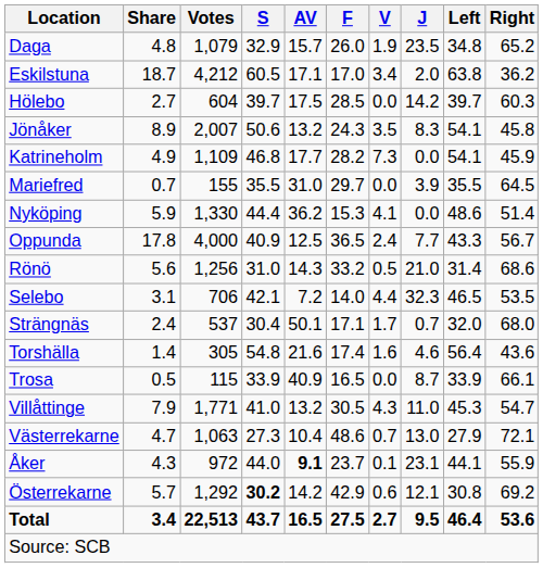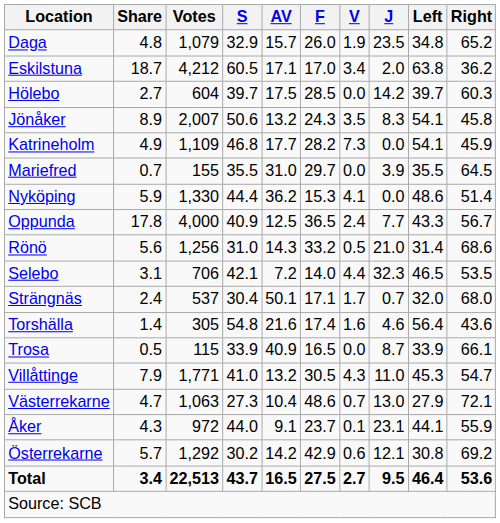 <table class="wikitable sortable" style=text-align:right>
 <tr>
 <th>Location</th>
 <th>Share</th>
 <th>Votes</th>
 <th><a href='#'>S</a></th>
 <th><a href='#'>AV</a></th>
 <th><a href='#'>F</a></th>
 <th><a href='#'>V</a></th>
 <th><a href='#'>J</a></th>
 <th>Left</th>
 <th>Right</th>
 </tr>
 <tr>
 <td align=left><a href='#'>Daga</a></td>
 <td>4.8</td>
 <td>1,079</td>
 <td>32.9</td>
 <td>15.7</td>
 <td>26.0</td>
 <td>1.9</td>
 <td>23.5</td>
 <td>34.8</td>
 <td>65.2</td>
 </tr>
 <tr>
 <td align=left><a href='#'>Eskilstuna</a></td>
 <td>18.7</td>
 <td>4,212</td>
 <td>60.5</td>
 <td>17.1</td>
 <td>17.0</td>
 <td>3.4</td>
 <td>2.0</td>
 <td>63.8</td>
 <td>36.2</td>
 </tr>
 <tr>
 <td align=left><a href='#'>Hölebo</a></td>
 <td>2.7</td>
 <td>604</td>
 <td>39.7</td>
 <td>17.5</td>
 <td>28.5</td>
 <td>0.0</td>
 <td>14.2</td>
 <td>39.7</td>
 <td>60.3</td>
 </tr>
 <tr>
 <td align=left><a href='#'>Jönåker</a></td>
 <td>8.9</td>
 <td>2,007</td>
 <td>50.6</td>
 <td>13.2</td>
 <td>24.3</td>
 <td>3.5</td>
 <td>8.3</td>
 <td>54.1</td>
 <td>45.8</td>
 </tr>
 <tr>
 <td align=left><a href='#'>Katrineholm</a></td>
 <td>4.9</td>
 <td>1,109</td>
 <td>46.8</td>
 <td>17.7</td>
 <td>28.2</td>
 <td>7.3</td>
 <td>0.0</td>
 <td>54.1</td>
 <td>45.9</td>
 </tr>
 <tr>
 <td align=left><a href='#'>Mariefred</a></td>
 <td>0.7</td>
 <td>155</td>
 <td>35.5</td>
 <td>31.0</td>
 <td>29.7</td>
 <td>0.0</td>
 <td>3.9</td>
 <td>35.5</td>
 <td>64.5</td>
 </tr>
 <tr>
 <td align=left><a href='#'>Nyköping</a></td>
 <td>5.9</td>
 <td>1,330</td>
 <td>44.4</td>
 <td>36.2</td>
 <td>15.3</td>
 <td>4.1</td>
 <td>0.0</td>
 <td>48.6</td>
 <td>51.4</td>
 </tr>
 <tr>
 <td align=left><a href='#'>Oppunda</a></td>
 <td>17.8</td>
 <td>4,000</td>
 <td>40.9</td>
 <td>12.5</td>
 <td>36.5</td>
 <td>2.4</td>
 <td>7.7</td>
 <td>43.3</td>
 <td>56.7</td>
 </tr>
 <tr>
 <td align=left><a href='#'>Rönö</a></td>
 <td>5.6</td>
 <td>1,256</td>
 <td>31.0</td>
 <td>14.3</td>
 <td>33.2</td>
 <td>0.5</td>
 <td>21.0</td>
 <td>31.4</td>
 <td>68.6</td>
 </tr>
 <tr>
 <td align=left><a href='#'>Selebo</a></td>
 <td>3.1</td>
 <td>706</td>
 <td>42.1</td>
 <td>7.2</td>
 <td>14.0</td>
 <td>4.4</td>
 <td>32.3</td>
 <td>46.5</td>
 <td>53.5</td>
 </tr>
 <tr>
 <td align=left><a href='#'>Strängnäs</a></td>
 <td>2.4</td>
 <td>537</td>
 <td>30.4</td>
 <td>50.1</td>
 <td>17.1</td>
 <td>1.7</td>
 <td>0.7</td>
 <td>32.0</td>
 <td>68.0</td>
 </tr>
 <tr>
 <td align=left><a href='#'>Torshälla</a></td>
 <td>1.4</td>
 <td>305</td>
 <td>54.8</td>
 <td>21.6</td>
 <td>17.4</td>
 <td>1.6</td>
 <td>4.6</td>
 <td>56.4</td>
 <td>43.6</td>
 </tr>
 <tr>
 <td align=left><a href='#'>Trosa</a></td>
 <td>0.5</td>
 <td>115</td>
 <td>33.9</td>
 <td>40.9</td>
 <td>16.5</td>
 <td>0.0</td>
 <td>8.7</td>
 <td>33.9</td>
 <td>66.1</td>
 </tr>
 <tr>
 <td align=left><a href='#'>Villåttinge</a></td>
 <td>7.9</td>
 <td>1,771</td>
 <td>41.0</td>
 <td>13.2</td>
 <td>30.5</td>
 <td>4.3</td>
 <td>11.0</td>
 <td>45.3</td>
 <td>54.7</td>
 </tr>
 <tr>
 <td align=left><a href='#'>Västerrekarne</a></td>
 <td>4.7</td>
 <td>1,063</td>
 <td>27.3</td>
 <td>10.4</td>
 <td>48.6</td>
 <td>0.7</td>
 <td>13.0</td>
 <td>27.9</td>
 <td>72.1</td>
 </tr>
 <tr>
 <td align=left><a href='#'>Åker</a></td>
 <td>4.3</td>
 <td>972</td>
 <td>44.0</td>
-<td><strong>9.1</strong></td>
+<td>9.1</td>
 <td>23.7</td>
 <td>0.1</td>
 <td>23.1</td>
 <td>44.1</td>
 <td>55.9</td>
 </tr>
 <tr>
 <td align=left><a href='#'>Österrekarne</a></td>
 <td>5.7</td>
 <td>1,292</td>
-<td><strong>30.2</strong></td>
+<td>30.2</td>
 <td>14.2</td>
 <td>42.9</td>
 <td>0.6</td>
 <td>12.1</td>
 <td>30.8</td>
 <td>69.2</td>
 </tr>
 <tr>
 <td align=left><strong>Total</strong></td>
 <td><strong>3.4</strong></td>
 <td><strong>22,513</strong></td>
 <td><strong>43.7</strong></td>
 <td><strong>16.5</strong></td>
 <td><strong>27.5</strong></td>
 <td><strong>2.7</strong></td>
 <td><strong>9.5</strong></td>
 <td><strong>46.4</strong></td>
 <td><strong>53.6</strong></td>
 </tr>
 <tr>
 <td align=left colspan=10>Source: SCB </td>
 </tr>
 </table>
